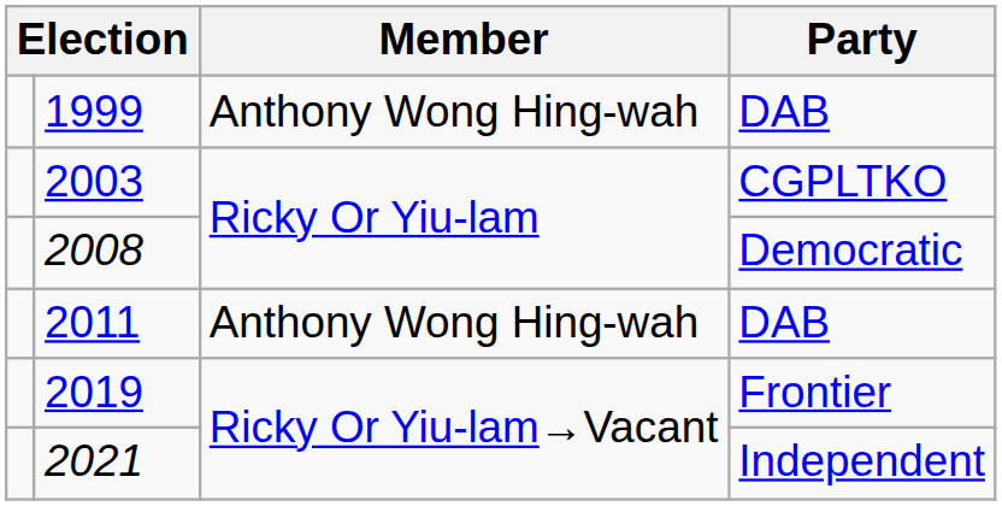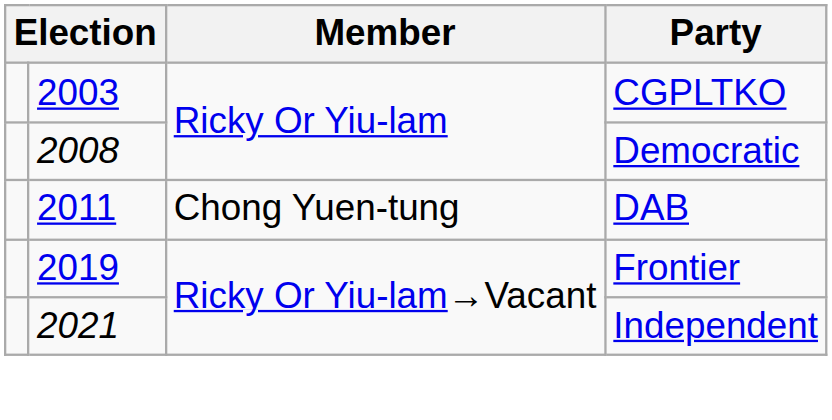 <table class="wikitable">
 <tr>
 <th colspan="2">Election</th>
 <th>Member</th>
 <th>Party</th>
-</tr>
-<tr>
-<td style="color:inherit;background:"></td>
-<td><a href='#'>1999</a></td>
-<td>Anthony Wong Hing-wah</td>
-<td><a href='#'>DAB</a></td>
 </tr>
 <tr>
 <td style="color:inherit;background:"></td>
 <td><a href='#'>2003</a></td>
 <td rowspan=2><a href='#'>Ricky Or Yiu-lam</a></td>
 <td><a href='#'>CGPLTKO</a></td>
 </tr>
 <tr>
 <td style="color:inherit;background:"></td>
 <td><em>2008</em></td>
 <td><a href='#'>Democratic</a></td>
 </tr>
 <tr>
 <td style="color:inherit;background:"></td>
 <td><a href='#'>2011</a></td>
-<td>Anthony Wong Hing-wah</td>
+<td>Chong Yuen-tung</td>
 <td><a href='#'>DAB</a></td>
 </tr>
 <tr>
 <td style="color:inherit;background:"></td>
 <td><a href='#'>2019</a></td>
 <td rowspan=2><a href='#'>Ricky Or Yiu-lam</a>→Vacant</td>
 <td><a href='#'>Frontier</a></td>
 </tr>
 <tr>
 <td style="color:inherit;background:"></td>
 <td><em>2021</em></td>
 <td><a href='#'>Independent</a></td>
 </tr>
 </table>
